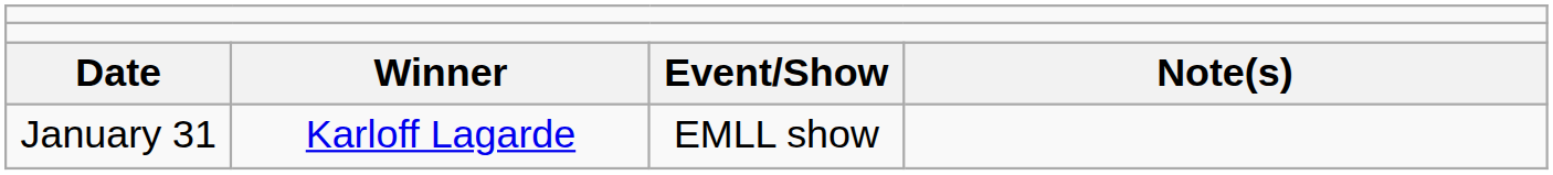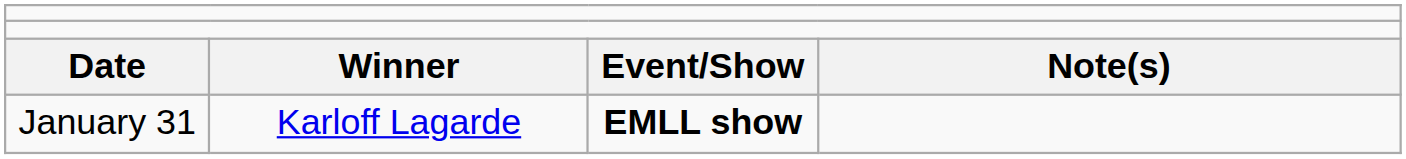 <table class="wikitable" style="text-align:center; width:100%;">
 <tr>
 <td colspan=5></td>
 </tr>
 <tr>
 <td colspan=5><strong></strong></td>
 </tr>
 <tr>
 <th width=14%>Date</th>
 <th width=26%>Winner</th>
 <th width=14%>Event/Show</th>
 <th width=40%>Note(s)</th>
 </tr>
 <tr>
 <td>January 31</td>
 <td><a href='#'>Karloff Lagarde</a></td>
-<td>EMLL show</td>
+<td><strong>EMLL show</strong></td>
 <td align=left></td>
 </tr>
 </table>
